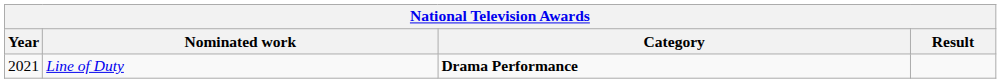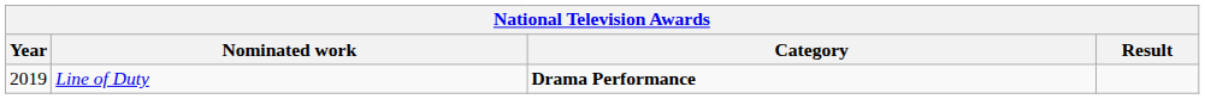 <table class="wikitable">
 <tr>
 <th colspan="4"><a href='#'>National Television Awards</a></th>
 </tr>
 <tr>
 <th scope="col" style="width:1em;">Year</th>
 <th scope="col" style="width:25em;">Nominated work</th>
 <th scope="col" style="width:30em;">Category</th>
 <th scope="col" style="width:5em;">Result</th>
 </tr>
 <tr>
-<td>2021</td>
+<td>2019</td>
 <td><em><a href='#'>Line of Duty</a></em></td>
 <td><strong>Drama Performance</strong></td>
 <td></td>
 </tr>
 </table>
